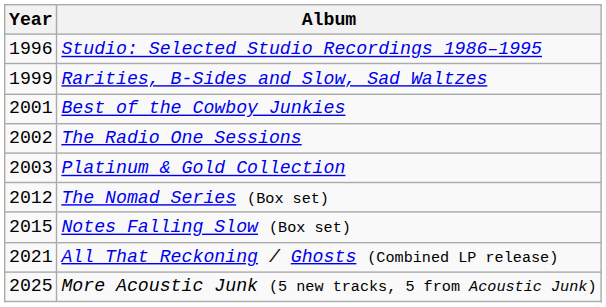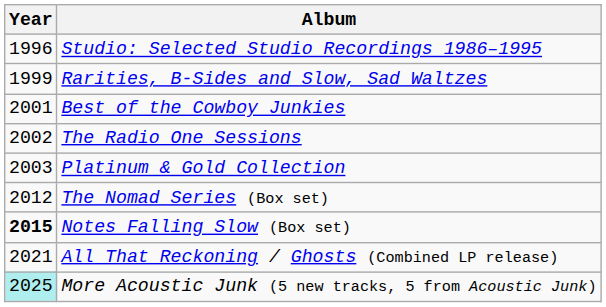 <table class="wikitable">
 <tr>
 <th>Year</th>
 <th>Album</th>
 </tr>
 <tr>
 <td>1996</td>
 <td><em><a href='#'>Studio: Selected Studio Recordings 1986–1995</a></em></td>
 </tr>
 <tr>
 <td>1999</td>
 <td><em><a href='#'>Rarities, B-Sides and Slow, Sad Waltzes</a></em></td>
 </tr>
 <tr>
 <td>2001</td>
 <td><em><a href='#'>Best of the Cowboy Junkies</a></em></td>
 </tr>
 <tr>
 <td>2002</td>
 <td><em><a href='#'>The Radio One Sessions</a></em></td>
 </tr>
 <tr>
 <td>2003</td>
 <td><em><a href='#'>Platinum & Gold Collection</a></em></td>
 </tr>
 <tr>
 <td>2012</td>
 <td><em><a href='#'>The Nomad Series</a></em> <small>(Box set)</small></td>
 </tr>
 <tr>
-<td>2015</td>
+<td><strong>2015</strong></td>
 <td><em><a href='#'>Notes Falling Slow</a></em> <small>(Box set)</small></td>
 </tr>
 <tr>
 <td>2021</td>
 <td><em><a href='#'>All That Reckoning</a> / <a href='#'>Ghosts</a></em> <small>(Combined LP release)</small></td>
 </tr>
 <tr>
-<td>2025</td>
+<td style="background: paleturquoise;">2025</td>
 <td><em>More Acoustic Junk</em> <small>(5 new tracks, 5 from <em>Acoustic Junk</em>)</small></td>
 </tr>
 </table>
